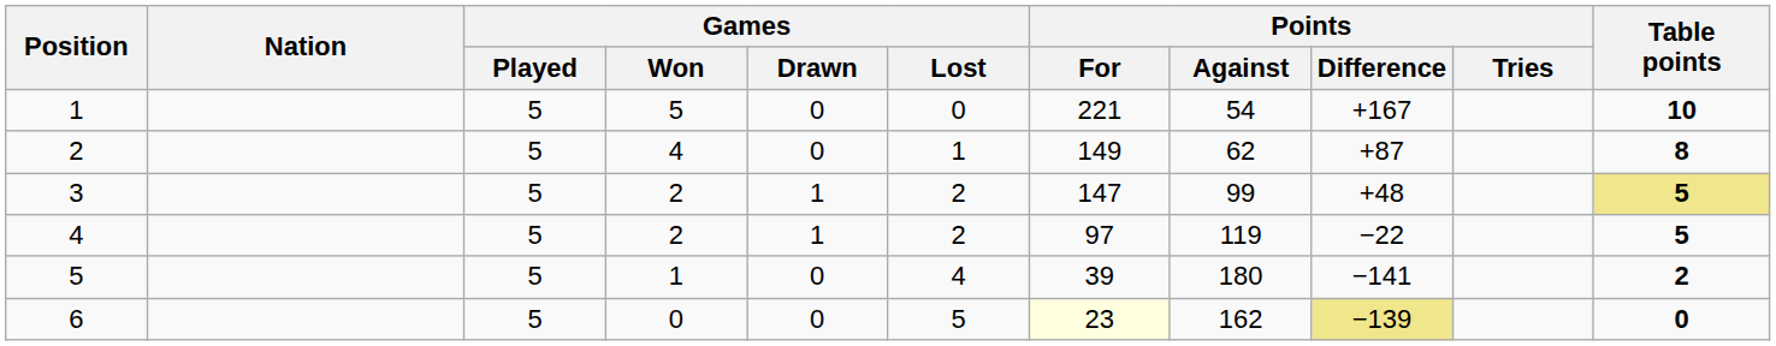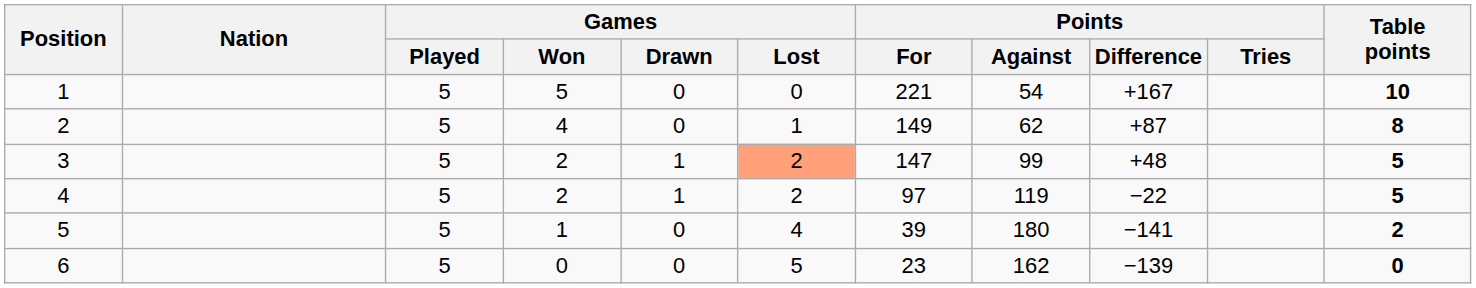 <table class="wikitable" style="text-align:center">
 <tr>
 <th rowspan="2" style="width:8%;">Position</th>
 <th rowspan="2" style="width:18%;">Nation</th>
 <th colspan="4" style="width:32%;">Games</th>
 <th colspan="4" style="width:32%;">Points</th>
 <th rowspan="2" style="width:10%;">Table<br>points</th>
 </tr>
 <tr>
 <th style="width:8%;">Played</th>
 <th style="width:8%;">Won</th>
 <th style="width:8%;">Drawn</th>
 <th style="width:8%;">Lost</th>
 <th style="width:8%;">For</th>
 <th style="width:8%;">Against</th>
 <th style="width:8%;">Difference</th>
 <th style="width:8%;">Tries</th>
 </tr>
 <tr>
 <td>1</td>
 <td align="left"></td>
 <td>5</td>
 <td>5</td>
 <td>0</td>
 <td>0</td>
 <td>221</td>
 <td>54</td>
 <td>+167</td>
 <td></td>
 <td><strong>10</strong></td>
 </tr>
 <tr>
 <td>2</td>
 <td align="left"></td>
 <td>5</td>
 <td>4</td>
 <td>0</td>
 <td>1</td>
 <td>149</td>
 <td>62</td>
 <td>+87</td>
 <td></td>
 <td><strong>8</strong></td>
 </tr>
 <tr>
 <td>3</td>
 <td align="left"></td>
 <td>5</td>
 <td>2</td>
 <td>1</td>
-<td>2</td>
+<td style="background: lightsalmon;">2</td>
 <td>147</td>
 <td>99</td>
 <td>+48</td>
 <td></td>
-<td style="background: khaki;"><strong>5</strong></td>
+<td><strong>5</strong></td>
 </tr>
 <tr>
 <td>4</td>
 <td align="left"></td>
 <td>5</td>
 <td>2</td>
 <td>1</td>
 <td>2</td>
 <td>97</td>
 <td>119</td>
 <td>−22</td>
 <td></td>
 <td><strong>5</strong></td>
 </tr>
 <tr>
 <td>5</td>
 <td align="left"></td>
 <td>5</td>
 <td>1</td>
 <td>0</td>
 <td>4</td>
 <td>39</td>
 <td>180</td>
 <td>−141</td>
 <td></td>
 <td><strong>2</strong></td>
 </tr>
 <tr>
 <td>6</td>
 <td align="left"></td>
 <td>5</td>
 <td>0</td>
 <td>0</td>
 <td>5</td>
-<td style="background: lightyellow;">23</td>
+<td>23</td>
 <td>162</td>
-<td style="background: khaki;">−139</td>
+<td>−139</td>
 <td></td>
 <td><strong>0</strong></td>
 </tr>
 </table>
